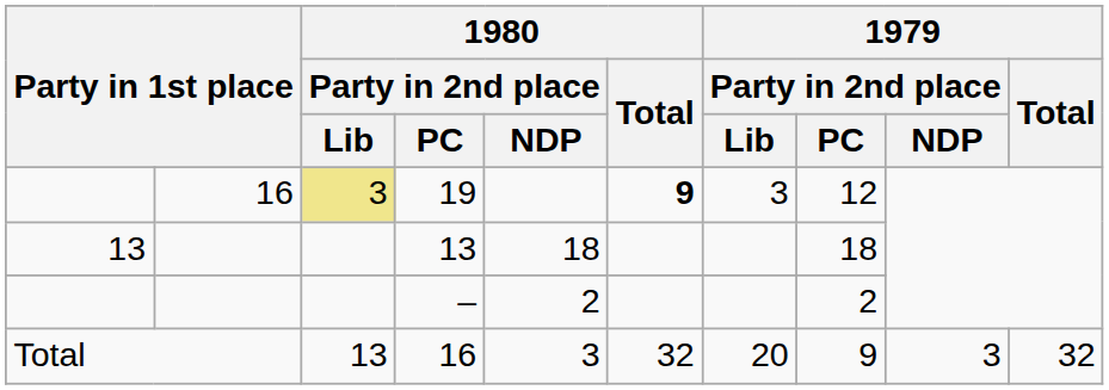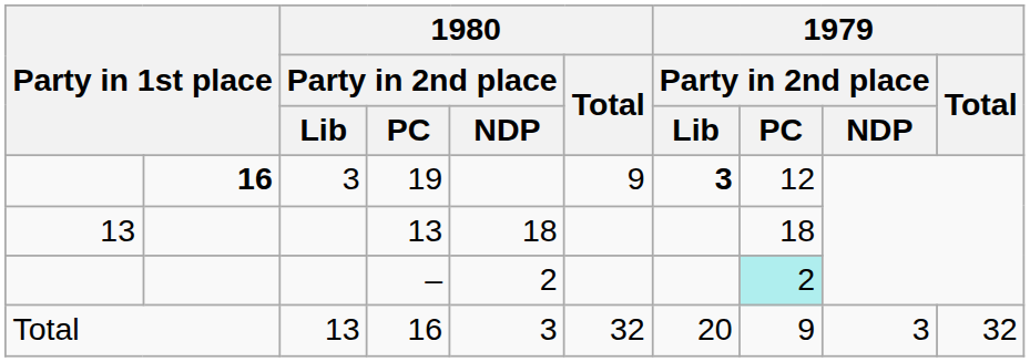 <table class="wikitable" style="text-align:right;">
 <tr>
 <th rowspan="3" colspan="2" style="text-align:left;">Party in 1st place</th>
 <th colspan="4">1980</th>
 <th colspan="4">1979</th>
 </tr>
 <tr>
 <th colspan="3">Party in 2nd place</th>
 <th rowspan="2">Total</th>
 <th colspan="3">Party in 2nd place</th>
 <th rowspan="2">Total</th>
 </tr>
 <tr>
 <th>Lib</th>
 <th>PC</th>
 <th>NDP</th>
 <th>Lib</th>
 <th>PC</th>
 <th>NDP</th>
 </tr>
 <tr>
 <td></td>
-<td>16</td>
-<td style="background: khaki;">3</td>
+<td><strong>16</strong></td>
+<td>3</td>
 <td>19</td>
 <td></td>
-<td><strong>9</strong></td>
-<td>3</td>
+<td>9</td>
+<td><strong>3</strong></td>
 <td>12</td>
 </tr>
 <tr>
 <td>13</td>
 <td></td>
 <td></td>
 <td>13</td>
 <td>18</td>
 <td></td>
 <td></td>
 <td>18</td>
 </tr>
 <tr>
 <td></td>
 <td></td>
 <td></td>
 <td>–</td>
 <td>2</td>
 <td></td>
 <td></td>
-<td>2</td>
+<td style="background: paleturquoise;">2</td>
 </tr>
 <tr>
 <td colspan="2" style="text-align:left;">Total</td>
 <td>13</td>
 <td>16</td>
 <td>3</td>
 <td>32</td>
 <td>20</td>
 <td>9</td>
 <td>3</td>
 <td>32</td>
 </tr>
 </table>
